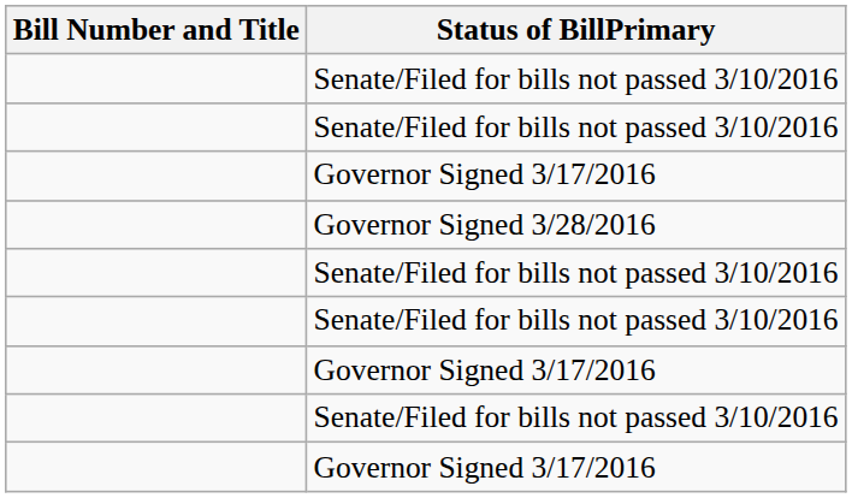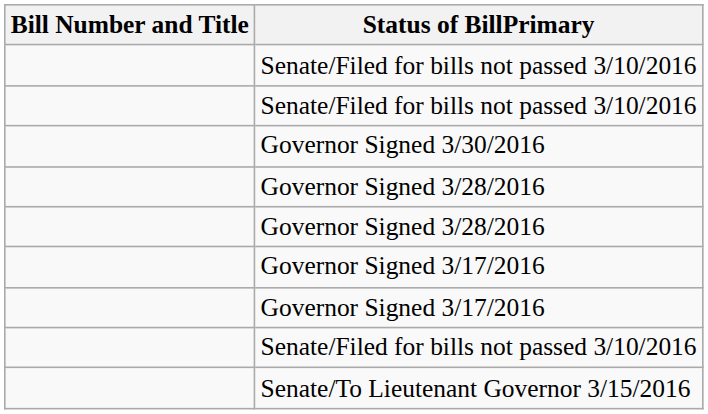 <table class="wikitable">
 <tr>
 <th>Bill Number and Title</th>
 <th>Status of BillPrimary</th>
 </tr>
 <tr>
 <td></td>
 <td>Senate/Filed for bills not passed 3/10/2016</td>
 </tr>
 <tr>
 <td></td>
 <td>Senate/Filed for bills not passed 3/10/2016</td>
 </tr>
 <tr>
 <td></td>
-<td>Governor Signed 3/17/2016</td>
+<td>Governor Signed 3/30/2016</td>
 </tr>
 <tr>
 <td></td>
 <td>Governor Signed 3/28/2016</td>
 </tr>
 <tr>
 <td></td>
-<td>Senate/Filed for bills not passed 3/10/2016</td>
+<td>Governor Signed 3/28/2016</td>
 </tr>
 <tr>
 <td></td>
-<td>Senate/Filed for bills not passed 3/10/2016</td>
+<td>Governor Signed 3/17/2016</td>
 </tr>
 <tr>
 <td></td>
 <td>Governor Signed 3/17/2016</td>
 </tr>
 <tr>
 <td></td>
 <td>Senate/Filed for bills not passed 3/10/2016</td>
 </tr>
 <tr>
 <td></td>
-<td>Governor Signed 3/17/2016</td>
+<td>Senate/To Lieutenant Governor 3/15/2016</td>
 </tr>
 </table>
